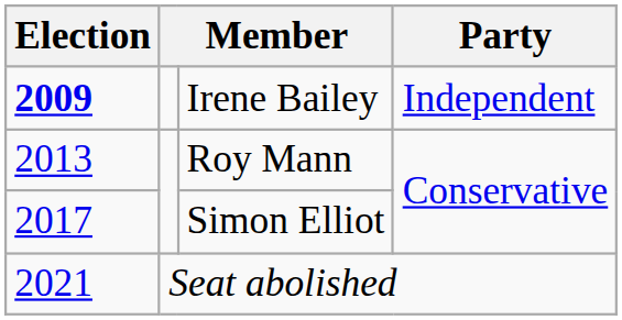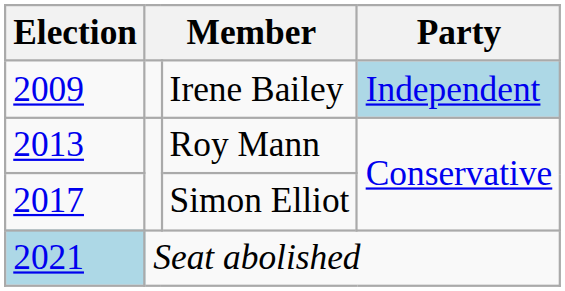 <table class="wikitable">
 <tr>
 <th>Election</th>
 <th colspan="2">Member</th>
 <th>Party</th>
 </tr>
 <tr>
-<td><strong><a href='#'>2009</a></strong></td>
+<td><a href='#'>2009</a></td>
 <td rowspan="1" style="background-color: "></td>
 <td rowspan="1">Irene Bailey</td>
-<td rowspan="1"><a href='#'>Independent</a></td>
+<td rowspan="1" style="background: lightblue;"><a href='#'>Independent</a></td>
 </tr>
 <tr>
 <td><a href='#'>2013</a></td>
 <td rowspan="2" style="background-color: "></td>
 <td rowspan="1">Roy Mann</td>
 <td rowspan="2"><a href='#'>Conservative</a></td>
 </tr>
 <tr>
 <td><a href='#'>2017</a></td>
 <td>Simon Elliot</td>
 </tr>
 <tr>
-<td><a href='#'>2021</a></td>
+<td style="background: lightblue;"><a href='#'>2021</a></td>
 <td colspan="3"><em>Seat abolished</em></td>
 </tr>
 </table>
